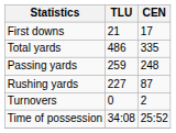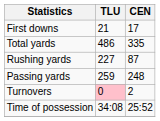 <table class="wikitable">
 <tr>
 <th>Statistics</th>
 <th>TLU</th>
 <th>CEN</th>
 </tr>
 <tr>
 <td>First downs</td>
 <td>21</td>
 <td>17</td>
 </tr>
 <tr>
 <td>Total yards</td>
 <td>486</td>
 <td>335</td>
 </tr>
 <tr>
+<td>Rushing yards</td>
+<td>227</td>
+<td>87</td>
+</tr>
+<tr>
 <td>Passing yards</td>
 <td>259</td>
 <td>248</td>
 </tr>
 <tr>
-<td>Rushing yards</td>
-<td>227</td>
-<td>87</td>
-</tr>
-<tr>
 <td>Turnovers</td>
-<td>0</td>
+<td style="background: pink;">0</td>
 <td>2</td>
 </tr>
 <tr>
 <td>Time of possession</td>
 <td>34:08</td>
 <td>25:52</td>
 </tr>
 <tr>
 </tr>
 </table>
